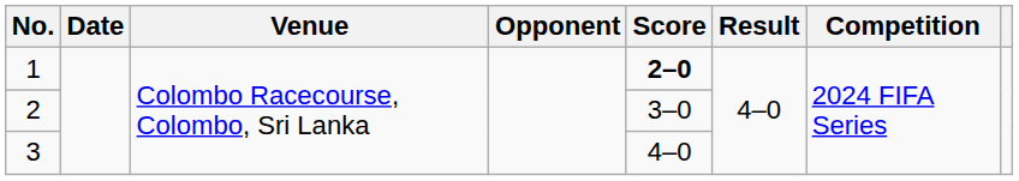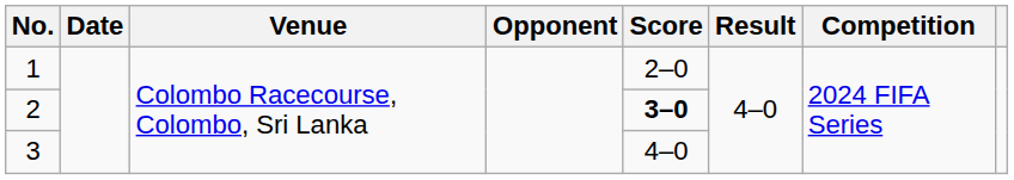 <table class="wikitable sortable">
 <tr>
 <th scope="col">No.</th>
 <th scope="col">Date</th>
 <th scope="col">Venue</th>
 <th scope="col">Opponent</th>
 <th scope="col">Score</th>
 <th scope="col">Result</th>
 <th scope="col">Competition</th>
 <th scope="col" class="unsortable"></th>
 </tr>
 <tr>
 <td style="text-align:center">1</td>
 <td rowspan="3"></td>
 <td rowspan="3"><a href='#'>Colombo Racecourse</a>, <a href='#'>Colombo</a>, Sri Lanka</td>
 <td rowspan="3"></td>
-<td style="text-align:center"><strong>2–0</strong></td>
+<td style="text-align:center">2–0</td>
 <td rowspan="3" style="text-align:center">4–0</td>
 <td rowspan="3"><a href='#'>2024 FIFA Series</a></td>
 <td rowspan="3"></td>
 </tr>
 <tr>
 <td style="text-align:center">2</td>
-<td style="text-align:center">3–0</td>
+<td style="text-align:center"><strong>3–0</strong></td>
 </tr>
 <tr>
 <td style="text-align:center">3</td>
 <td style="text-align:center">4–0</td>
 </tr>
 </table>
